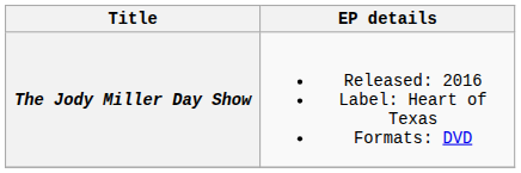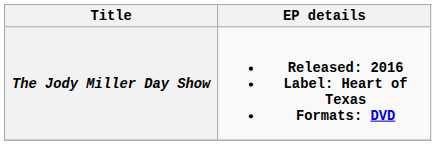 <table class="wikitable plainrowheaders" style="text-align:center;">
 <tr>
 <th scope="col" style="width:15em;">Title</th>
 <th scope="col" style="width:15em;">EP details</th>
 </tr>
 <tr>
 <th scope="row"><em>The Jody Miller Day Show</em></th>
-<td><br><ul><li>Released: 2016</li><li>Label: Heart of Texas</li><li>Formats: <a href='#'>DVD</a></li></ul></td>
+<td><strong><br><ul><li>Released: 2016</li><li>Label: Heart of Texas</li><li>Formats: <a href='#'>DVD</a></li></ul></strong></td>
 </tr>
 <tr>
 </tr>
 </table>
